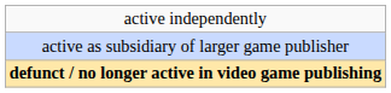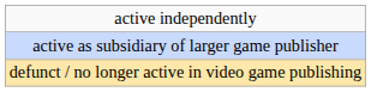 <table class="wikitable" style="text-align: center">
 <tr>
 <td>active independently</td>
 </tr>
 <tr style="background:#c9daff;">
 <td>active as subsidiary of larger game publisher</td>
 </tr>
 <tr style="background:#ffe8a9;">
-<td><strong>defunct / no longer active in video game publishing</strong></td>
+<td>defunct / no longer active in video game publishing</td>
 </tr>
 </table>
